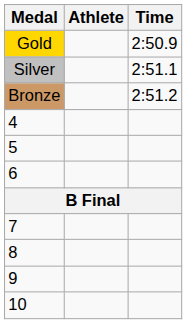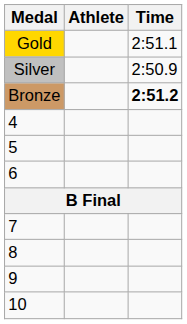 <table class="wikitable">
 <tr>
 <th>Medal</th>
 <th>Athlete</th>
 <th>Time</th>
 </tr>
 <tr>
 <td style="text-align:center;background-color:gold;">Gold</td>
 <td></td>
-<td>2:50.9</td>
+<td>2:51.1</td>
 </tr>
 <tr>
 <td style="text-align:center;background-color:silver;">Silver</td>
 <td></td>
-<td>2:51.1</td>
+<td>2:50.9</td>
 </tr>
 <tr>
 <td style="text-align:center;background-color:#CC9966;">Bronze</td>
 <td></td>
-<td>2:51.2</td>
+<td><strong>2:51.2</strong></td>
 </tr>
 <tr>
 <td>4</td>
 <td></td>
 <td></td>
 </tr>
 <tr>
 <td>5</td>
 <td></td>
 <td></td>
 </tr>
 <tr>
 <td>6</td>
 <td></td>
 <td></td>
 </tr>
 <tr>
 <th colspan="4">B Final</th>
 </tr>
 <tr>
 <td>7</td>
 <td></td>
 <td></td>
 </tr>
 <tr>
 <td>8</td>
 <td></td>
 <td></td>
 </tr>
 <tr>
 <td>9</td>
 <td></td>
 <td></td>
 </tr>
 <tr>
 <td>10</td>
 <td></td>
 <td></td>
 </tr>
 </table>
